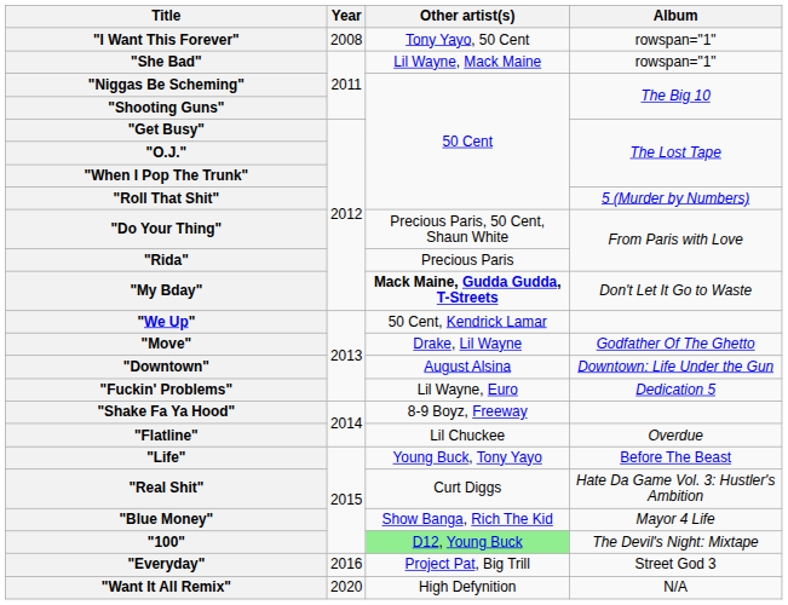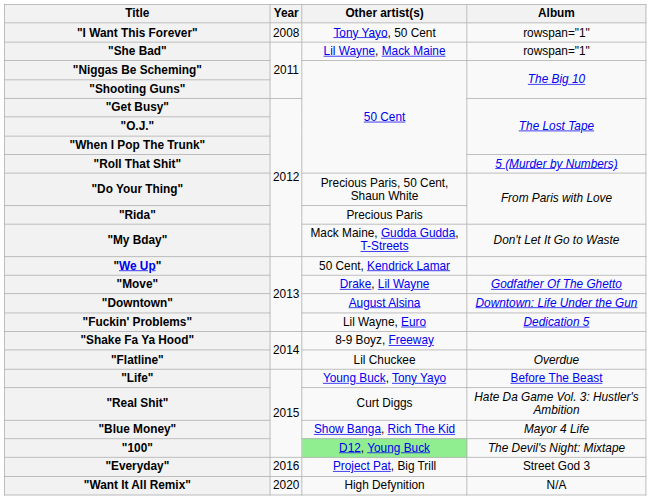 <table class="wikitable plainrowheaders" style="text-align:center;">
 <tr>
 <th scope="col" style="width:22em;">Title</th>
 <th scope="col">Year</th>
 <th scope="col">Other artist(s)</th>
 <th scope="col">Album</th>
 </tr>
 <tr>
 <th scope="row">"I Want This Forever"</th>
 <td rowspan="1">2008</td>
 <td><a href='#'>Tony Yayo</a>, 50 Cent</td>
 <td>rowspan="1" </td>
 </tr>
 <tr>
 <th scope="row">"She Bad"</th>
 <td rowspan="3">2011</td>
 <td><a href='#'>Lil Wayne</a>, <a href='#'>Mack Maine</a></td>
 <td>rowspan="1" </td>
 </tr>
 <tr>
 <th scope="row">"Niggas Be Scheming"</th>
 <td rowspan="6"><a href='#'>50 Cent</a></td>
 <td rowspan="2"><em><a href='#'>The Big 10</a></em></td>
 </tr>
 <tr>
 <th scope="row">"Shooting Guns"</th>
 </tr>
 <tr>
 <th scope="row">"Get Busy"</th>
 <td rowspan="7">2012</td>
 <td rowspan="3"><em><a href='#'>The Lost Tape</a></em></td>
 </tr>
 <tr>
 <th scope="row">"O.J."</th>
 </tr>
 <tr>
 <th scope="row">"When I Pop The Trunk"</th>
 </tr>
 <tr>
 <th scope="row">"Roll That Shit"</th>
 <td><em><a href='#'>5 (Murder by Numbers)</a></em></td>
 </tr>
 <tr>
 <th scope="row">"Do Your Thing"</th>
 <td>Precious Paris, 50 Cent, Shaun White</td>
 <td rowspan="2"><em>From Paris with Love</em></td>
 </tr>
 <tr>
 <th scope="row">"Rida"</th>
 <td>Precious Paris</td>
 </tr>
 <tr>
 <th scope="row">"My Bday"</th>
-<td><strong>Mack Maine, <a href='#'>Gudda Gudda</a>, <a href='#'>T-Streets</a></strong></td>
+<td>Mack Maine, <a href='#'>Gudda Gudda</a>, <a href='#'>T-Streets</a></td>
 <td><em>Don't Let It Go to Waste</em></td>
 </tr>
 <tr>
 <th scope="row">"<a href='#'>We Up</a>"</th>
 <td rowspan="4">2013</td>
 <td>50 Cent, <a href='#'>Kendrick Lamar</a></td>
 <td></td>
 </tr>
 <tr>
 <th scope="row">"Move"</th>
 <td><a href='#'>Drake</a>, <a href='#'>Lil Wayne</a></td>
 <td><em><a href='#'>Godfather Of The Ghetto</a></em></td>
 </tr>
 <tr>
 <th scope="row">"Downtown"</th>
 <td><a href='#'>August Alsina</a></td>
 <td><em><a href='#'>Downtown: Life Under the Gun</a></em></td>
 </tr>
 <tr>
 <th scope="row">"Fuckin' Problems"</th>
 <td>Lil Wayne, <a href='#'>Euro</a></td>
 <td><em><a href='#'>Dedication 5</a></em></td>
 </tr>
 <tr>
 <th scope="row">"Shake Fa Ya Hood"</th>
 <td rowspan="2">2014</td>
 <td>8-9 Boyz, <a href='#'>Freeway</a></td>
 <td></td>
 </tr>
 <tr>
 <th scope="row">"Flatline"</th>
 <td>Lil Chuckee</td>
 <td><em>Overdue</em></td>
 </tr>
 <tr>
 <th scope="row">"Life"</th>
 <td rowspan="4">2015</td>
 <td><a href='#'>Young Buck</a>, <a href='#'>Tony Yayo</a></td>
 <td><a href='#'>Before The Beast</a></td>
 </tr>
 <tr>
 <th scope="row">"Real Shit"</th>
 <td>Curt Diggs</td>
 <td><em>Hate Da Game Vol. 3: Hustler's Ambition</em></td>
 </tr>
 <tr>
 <th scope="row">"Blue Money"</th>
 <td><a href='#'>Show Banga</a>, <a href='#'>Rich The Kid</a></td>
 <td><em>Mayor 4 Life</em></td>
 </tr>
 <tr>
 <th scope="row">"100"</th>
 <td style="background: lightgreen;"><a href='#'>D12</a>, <a href='#'>Young Buck</a></td>
 <td><em>The Devil's Night: Mixtape</em></td>
 </tr>
 <tr>
 <th scope="row">"Everyday"</th>
 <td>2016</td>
 <td><a href='#'>Project Pat</a>, Big Trill</td>
 <td>Street God 3</td>
 </tr>
 <tr>
 <th scope="row">"Want It All Remix" </th>
 <td>2020</td>
 <td>High Defynition</td>
 <td>N/A</td>
 </tr>
 </table>
